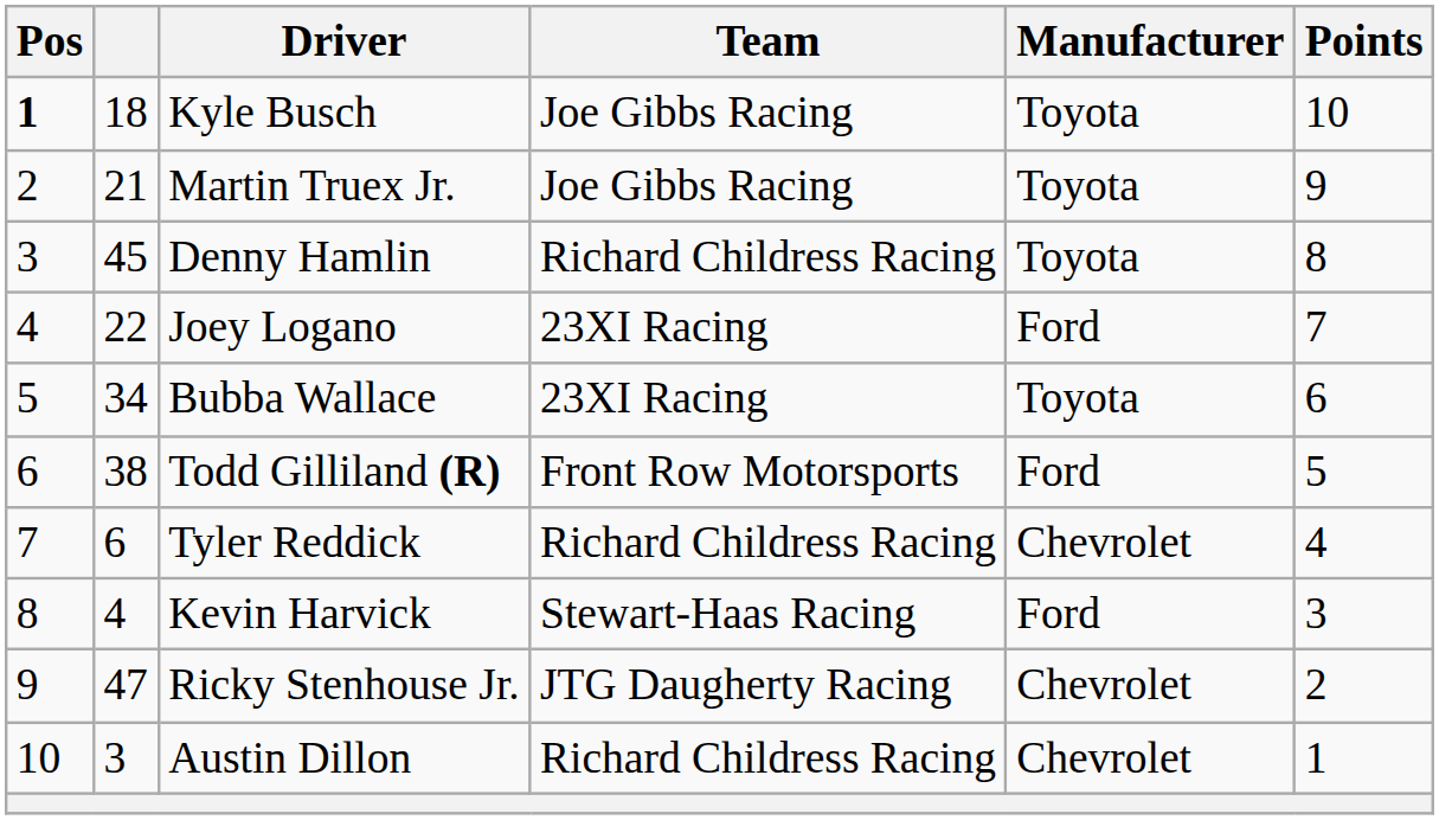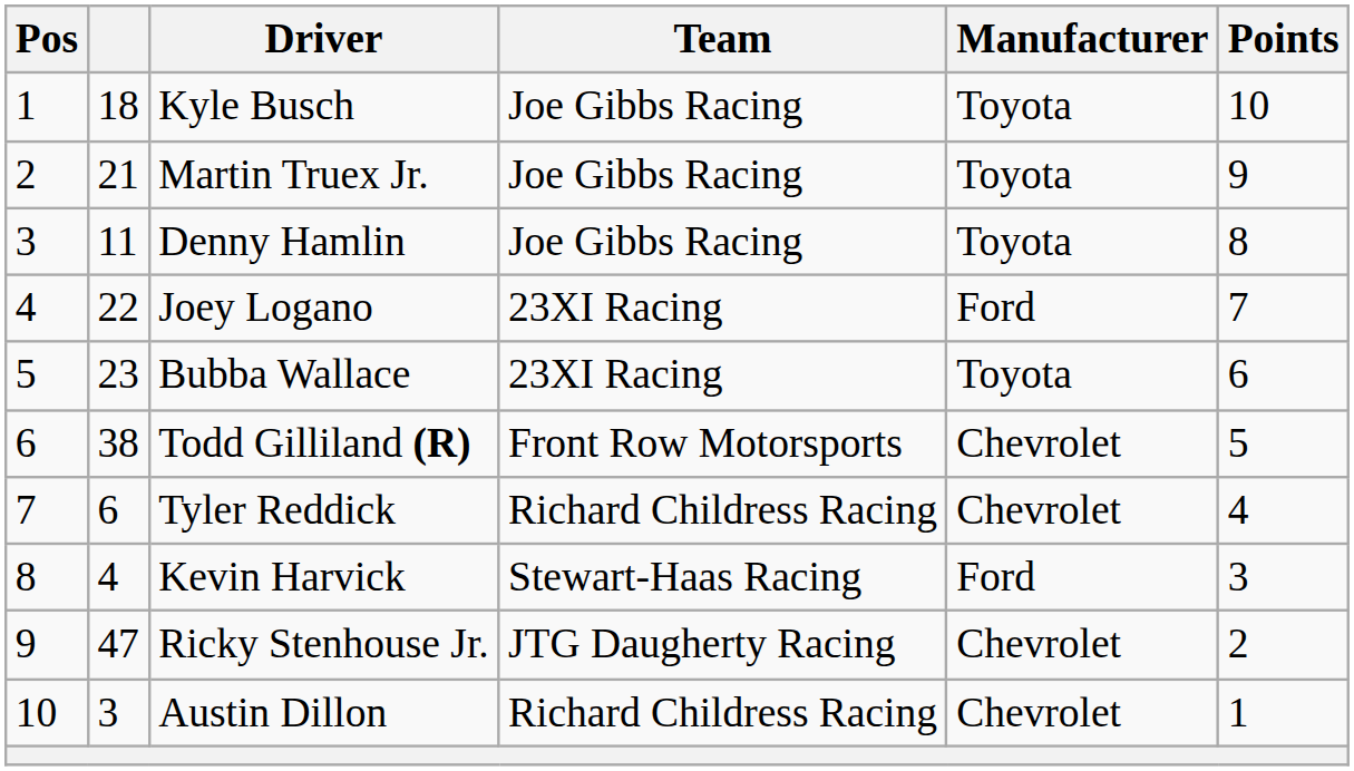 <table class="wikitable" style="font-size:98%">
 <tr>
 <th>Pos</th>
 <th></th>
 <th>Driver</th>
 <th>Team</th>
 <th>Manufacturer</th>
 <th>Points</th>
 </tr>
 <tr>
-<td><strong>1</strong></td>
+<td>1</td>
 <td>18</td>
 <td>Kyle Busch</td>
 <td>Joe Gibbs Racing</td>
 <td>Toyota</td>
 <td>10</td>
 </tr>
 <tr>
 <td>2</td>
 <td>21</td>
 <td>Martin Truex Jr.</td>
 <td>Joe Gibbs Racing</td>
 <td>Toyota</td>
 <td>9</td>
 </tr>
 <tr>
 <td>3</td>
-<td>45</td>
+<td>11</td>
 <td>Denny Hamlin</td>
-<td>Richard Childress Racing</td>
+<td>Joe Gibbs Racing</td>
 <td>Toyota</td>
 <td>8</td>
 </tr>
 <tr>
 <td>4</td>
 <td>22</td>
 <td>Joey Logano</td>
 <td>23XI Racing</td>
 <td>Ford</td>
 <td>7</td>
 </tr>
 <tr>
 <td>5</td>
-<td>34</td>
+<td>23</td>
 <td>Bubba Wallace</td>
 <td>23XI Racing</td>
 <td>Toyota</td>
 <td>6</td>
 </tr>
 <tr>
 <td>6</td>
 <td>38</td>
 <td>Todd Gilliland <strong>(R)</strong></td>
 <td>Front Row Motorsports</td>
-<td>Ford</td>
+<td>Chevrolet</td>
 <td>5</td>
 </tr>
 <tr>
 <td>7</td>
 <td>6</td>
 <td>Tyler Reddick</td>
 <td>Richard Childress Racing</td>
 <td>Chevrolet</td>
 <td>4</td>
 </tr>
 <tr>
 <td>8</td>
 <td>4</td>
 <td>Kevin Harvick</td>
 <td>Stewart-Haas Racing</td>
 <td>Ford</td>
 <td>3</td>
 </tr>
 <tr>
 <td>9</td>
 <td>47</td>
 <td>Ricky Stenhouse Jr.</td>
 <td>JTG Daugherty Racing</td>
 <td>Chevrolet</td>
 <td>2</td>
 </tr>
 <tr>
 <td>10</td>
 <td>3</td>
 <td>Austin Dillon</td>
 <td>Richard Childress Racing</td>
 <td>Chevrolet</td>
 <td>1</td>
 </tr>
 <tr>
 <th colspan="6"></th>
 </tr>
 </table>
